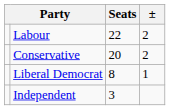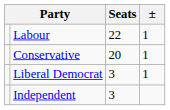 <table class="wikitable">
 <tr>
 <th colspan="2">Party</th>
 <th>Seats</th>
 <th>  ±  </th>
 </tr>
 <tr>
 <td style="background-color: "></td>
 <td><a href='#'>Labour</a></td>
 <td>22</td>
-<td> 2</td>
+<td> 1</td>
 </tr>
 <tr>
 <td style="background-color: "></td>
 <td><a href='#'>Conservative</a></td>
 <td>20</td>
-<td>2</td>
+<td>1</td>
 </tr>
 <tr>
 <td style="background-color: "></td>
 <td><a href='#'>Liberal Democrat</a></td>
-<td>8</td>
+<td>3</td>
 <td> 1</td>
 </tr>
 <tr>
 <td style="background-color: "></td>
 <td><a href='#'>Independent</a></td>
 <td>3</td>
 <td></td>
 </tr>
 </table>
